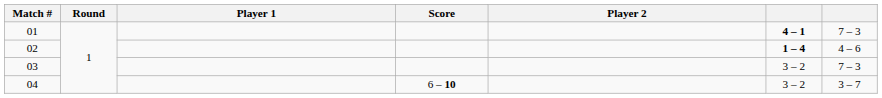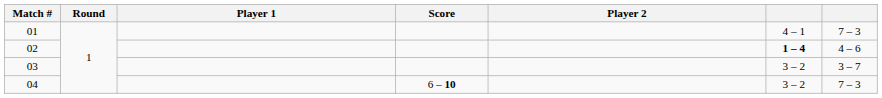 <table class="wikitable">
 <tr>
 <th width="2%">Match #</th>
 <th width="2%">Round</th>
 <th width="15%">Player 1</th>
 <th width="5%">Score</th>
 <th width="15%">Player 2</th>
 <th width="3%"></th>
 <th width="3%"></th>
 </tr>
 <tr style=text-align:center;"background:#;">
 <td>01</td>
 <td rowspan=4>1</td>
 <td></td>
 <td></td>
 <td></td>
-<td><strong>4 – 1</strong></td>
+<td>4 – 1</td>
 <td>7 – 3</td>
 </tr>
 <tr style=text-align:center;"background:#;">
 <td>02</td>
 <td></td>
 <td></td>
 <td></td>
 <td><strong>1 – 4</strong></td>
 <td>4 – 6</td>
 </tr>
 <tr style=text-align:center;"background:#;">
 <td>03</td>
 <td></td>
 <td></td>
 <td></td>
 <td>3 – 2</td>
-<td>7 – 3</td>
+<td>3 – 7</td>
 </tr>
 <tr style=text-align:center;"background:#;">
 <td>04</td>
 <td></td>
 <td>6 – <strong>10</strong></td>
 <td></td>
 <td>3 – 2</td>
-<td>3 – 7</td>
+<td>7 – 3</td>
 </tr>
 </table>
